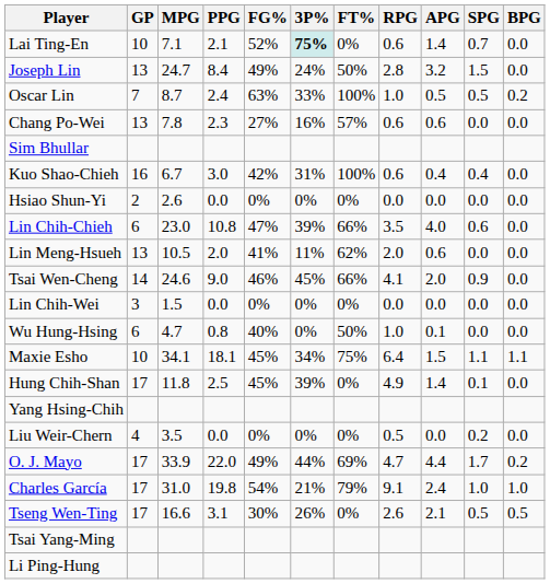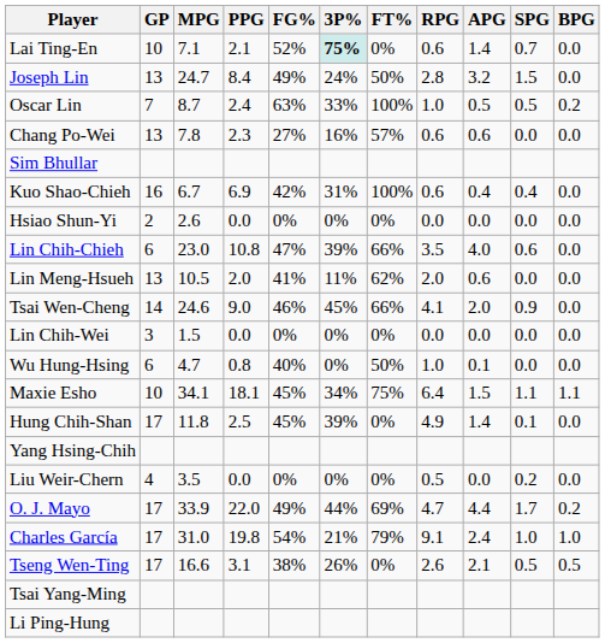 <table class="wikitable">
 <tr>
 <th>Player</th>
 <th>GP</th>
 <th>MPG</th>
 <th>PPG</th>
 <th>FG%</th>
 <th>3P%</th>
 <th>FT%</th>
 <th>RPG</th>
 <th>APG</th>
 <th>SPG</th>
 <th>BPG</th>
 </tr>
 <tr>
 <td>Lai Ting-En</td>
 <td>10</td>
 <td>7.1</td>
 <td>2.1</td>
 <td>52%</td>
 <td style="background-color: #CFECEC"><strong>75%</strong></td>
 <td>0%</td>
 <td>0.6</td>
 <td>1.4</td>
 <td>0.7</td>
 <td>0.0</td>
 </tr>
 <tr>
 <td><a href='#'>Joseph Lin</a></td>
 <td>13</td>
 <td>24.7</td>
 <td>8.4</td>
 <td>49%</td>
 <td>24%</td>
 <td>50%</td>
 <td>2.8</td>
 <td>3.2</td>
 <td>1.5</td>
 <td>0.0</td>
 </tr>
 <tr>
 <td>Oscar Lin</td>
 <td>7</td>
 <td>8.7</td>
 <td>2.4</td>
 <td>63%</td>
 <td>33%</td>
 <td>100%</td>
 <td>1.0</td>
 <td>0.5</td>
 <td>0.5</td>
 <td>0.2</td>
 </tr>
 <tr>
 <td>Chang Po-Wei</td>
 <td>13</td>
 <td>7.8</td>
 <td>2.3</td>
 <td>27%</td>
 <td>16%</td>
 <td>57%</td>
 <td>0.6</td>
 <td>0.6</td>
 <td>0.0</td>
 <td>0.0</td>
 </tr>
 <tr>
 <td><a href='#'>Sim Bhullar</a></td>
 <td></td>
 <td></td>
 <td></td>
 <td></td>
 <td></td>
 <td></td>
 <td></td>
 <td></td>
 <td></td>
 <td></td>
 </tr>
 <tr>
 <td>Kuo Shao-Chieh</td>
 <td>16</td>
 <td>6.7</td>
-<td>3.0</td>
+<td>6.9</td>
 <td>42%</td>
 <td>31%</td>
 <td>100%</td>
 <td>0.6</td>
 <td>0.4</td>
 <td>0.4</td>
 <td>0.0</td>
 </tr>
 <tr>
 <td>Hsiao Shun-Yi</td>
 <td>2</td>
 <td>2.6</td>
 <td>0.0</td>
 <td>0%</td>
 <td>0%</td>
 <td>0%</td>
 <td>0.0</td>
 <td>0.0</td>
 <td>0.0</td>
 <td>0.0</td>
 </tr>
 <tr>
 <td><a href='#'>Lin Chih-Chieh</a></td>
 <td>6</td>
 <td>23.0</td>
 <td>10.8</td>
 <td>47%</td>
 <td>39%</td>
 <td>66%</td>
 <td>3.5</td>
 <td>4.0</td>
 <td>0.6</td>
 <td>0.0</td>
 </tr>
 <tr>
 <td>Lin Meng-Hsueh</td>
 <td>13</td>
 <td>10.5</td>
 <td>2.0</td>
 <td>41%</td>
 <td>11%</td>
 <td>62%</td>
 <td>2.0</td>
 <td>0.6</td>
 <td>0.0</td>
 <td>0.0</td>
 </tr>
 <tr>
 <td>Tsai Wen-Cheng</td>
 <td>14</td>
 <td>24.6</td>
 <td>9.0</td>
 <td>46%</td>
 <td>45%</td>
 <td>66%</td>
 <td>4.1</td>
 <td>2.0</td>
 <td>0.9</td>
 <td>0.0</td>
 </tr>
 <tr>
 <td>Lin Chih-Wei</td>
 <td>3</td>
 <td>1.5</td>
 <td>0.0</td>
 <td>0%</td>
 <td>0%</td>
 <td>0%</td>
 <td>0.0</td>
 <td>0.0</td>
 <td>0.0</td>
 <td>0.0</td>
 </tr>
 <tr>
 <td>Wu Hung-Hsing</td>
 <td>6</td>
 <td>4.7</td>
 <td>0.8</td>
 <td>40%</td>
 <td>0%</td>
 <td>50%</td>
 <td>1.0</td>
 <td>0.1</td>
 <td>0.0</td>
 <td>0.0</td>
 </tr>
 <tr>
 <td>Maxie Esho</td>
 <td>10</td>
 <td>34.1</td>
 <td>18.1</td>
 <td>45%</td>
 <td>34%</td>
 <td>75%</td>
 <td>6.4</td>
 <td>1.5</td>
 <td>1.1</td>
 <td>1.1</td>
 </tr>
 <tr>
 <td>Hung Chih-Shan</td>
 <td>17</td>
 <td>11.8</td>
 <td>2.5</td>
 <td>45%</td>
 <td>39%</td>
 <td>0%</td>
 <td>4.9</td>
 <td>1.4</td>
 <td>0.1</td>
 <td>0.0</td>
 </tr>
 <tr>
 <td>Yang Hsing-Chih</td>
 <td></td>
 <td></td>
 <td></td>
 <td></td>
 <td></td>
 <td></td>
 <td></td>
 <td></td>
 <td></td>
 <td></td>
 </tr>
 <tr>
 <td>Liu Weir-Chern</td>
 <td>4</td>
 <td>3.5</td>
 <td>0.0</td>
 <td>0%</td>
 <td>0%</td>
 <td>0%</td>
 <td>0.5</td>
 <td>0.0</td>
 <td>0.2</td>
 <td>0.0</td>
 </tr>
 <tr>
 <td><a href='#'>O. J. Mayo</a></td>
 <td>17</td>
 <td>33.9</td>
 <td>22.0</td>
 <td>49%</td>
 <td>44%</td>
 <td>69%</td>
 <td>4.7</td>
 <td>4.4</td>
 <td>1.7</td>
 <td>0.2</td>
 </tr>
 <tr>
 <td><a href='#'>Charles García</a></td>
 <td>17</td>
 <td>31.0</td>
 <td>19.8</td>
 <td>54%</td>
 <td>21%</td>
 <td>79%</td>
 <td>9.1</td>
 <td>2.4</td>
 <td>1.0</td>
 <td>1.0</td>
 </tr>
 <tr>
 <td><a href='#'>Tseng Wen-Ting</a></td>
 <td>17</td>
 <td>16.6</td>
 <td>3.1</td>
-<td>30%</td>
+<td>38%</td>
 <td>26%</td>
 <td>0%</td>
 <td>2.6</td>
 <td>2.1</td>
 <td>0.5</td>
 <td>0.5</td>
 </tr>
 <tr>
 <td>Tsai Yang-Ming</td>
 <td></td>
 <td></td>
 <td></td>
 <td></td>
 <td></td>
 <td></td>
 <td></td>
 <td></td>
 <td></td>
 <td></td>
 </tr>
 <tr>
 <td>Li Ping-Hung</td>
 <td></td>
 <td></td>
 <td></td>
 <td></td>
 <td></td>
 <td></td>
 <td></td>
 <td></td>
 <td></td>
 <td></td>
 </tr>
 </table>
